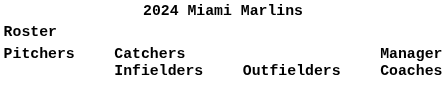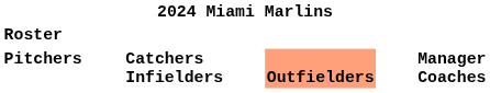 <table class="toccolours" style="font-size: 95%;">
 <tr>
 <th colspan="10">2024 Miami Marlins</th>
 </tr>
 <tr>
 <td colspan="10"><strong>Roster</strong></td>
 </tr>
 <tr>
 <td valign="top"><strong>Pitchers</strong><br>                                         </td>
 <td style="width:25px;"></td>
 <td valign="top"><strong>Catchers</strong><br>    <strong>Infielders</strong>            </td>
 <td style="width:25px;"></td>
-<td valign="top"><br><strong>Outfielders</strong>             </td>
+<td valign="top" style="background: lightsalmon;"><br><strong>Outfielders</strong>             </td>
 <td style="width:25px;"></td>
 <td valign="top"><strong>Manager</strong><br> <strong>Coaches</strong>                           </td>
 </tr>
 </table>
